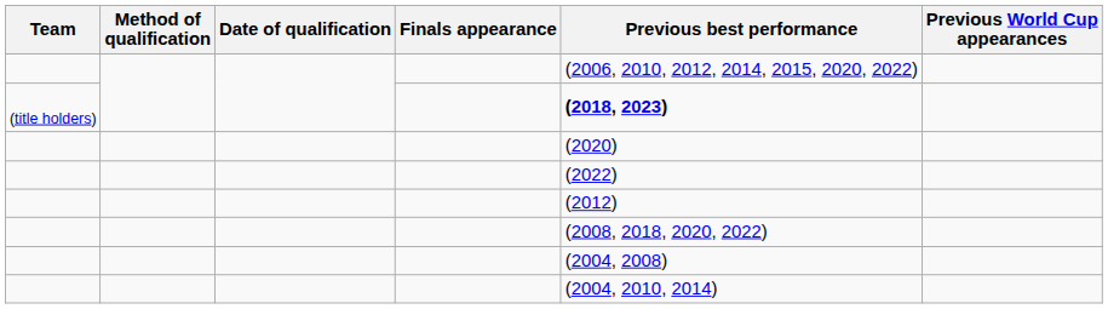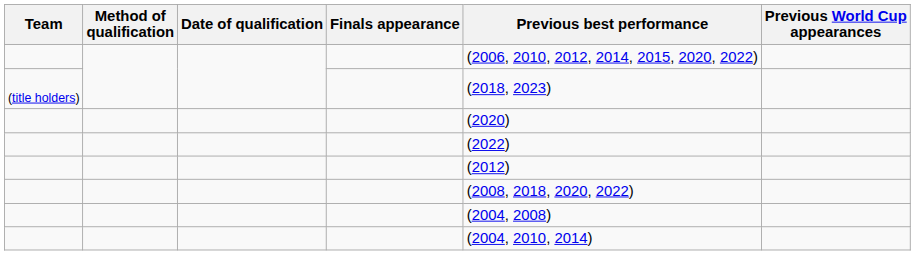 <table class="wikitable sortable">
 <tr>
 <th>Team</th>
 <th>Method of<br>qualification</th>
 <th>Date of qualification</th>
 <th>Finals appearance</th>
 <th>Previous best performance</th>
 <th>Previous <a href='#'>World Cup</a><br>appearances</th>
 </tr>
 <tr>
 <td></td>
 <td rowspan=2></td>
 <td rowspan=2></td>
 <td></td>
 <td> (<a href='#'>2006</a>, <a href='#'>2010</a>, <a href='#'>2012</a>, <a href='#'>2014</a>, <a href='#'>2015</a>, <a href='#'>2020</a>, <a href='#'>2022</a>)</td>
 <td></td>
 </tr>
 <tr>
 <td><br><small>(<a href='#'>title holders</a>)</small></td>
 <td></td>
-<td><strong> (<a href='#'>2018</a>, <a href='#'>2023</a>)</strong></td>
+<td> (<a href='#'>2018</a>, <a href='#'>2023</a>)</td>
 <td></td>
 </tr>
 <tr>
 <td></td>
 <td></td>
 <td></td>
 <td></td>
 <td> (<a href='#'>2020</a>)</td>
 <td></td>
 </tr>
 <tr>
 <td></td>
 <td></td>
 <td></td>
 <td></td>
 <td> (<a href='#'>2022</a>)</td>
 <td></td>
 </tr>
 <tr>
 <td></td>
 <td></td>
 <td></td>
 <td></td>
 <td> (<a href='#'>2012</a>)</td>
 <td></td>
 </tr>
 <tr>
 <td></td>
 <td></td>
 <td></td>
 <td></td>
 <td> (<a href='#'>2008</a>, <a href='#'>2018</a>, <a href='#'>2020</a>, <a href='#'>2022</a>)</td>
 <td></td>
 </tr>
 <tr>
 <td></td>
 <td></td>
 <td></td>
 <td></td>
 <td> (<a href='#'>2004</a>, <a href='#'>2008</a>)</td>
 <td></td>
 </tr>
 <tr>
 <td></td>
 <td></td>
 <td></td>
 <td></td>
 <td> (<a href='#'>2004</a>, <a href='#'>2010</a>, <a href='#'>2014</a>)</td>
 <td></td>
 </tr>
 </table>
